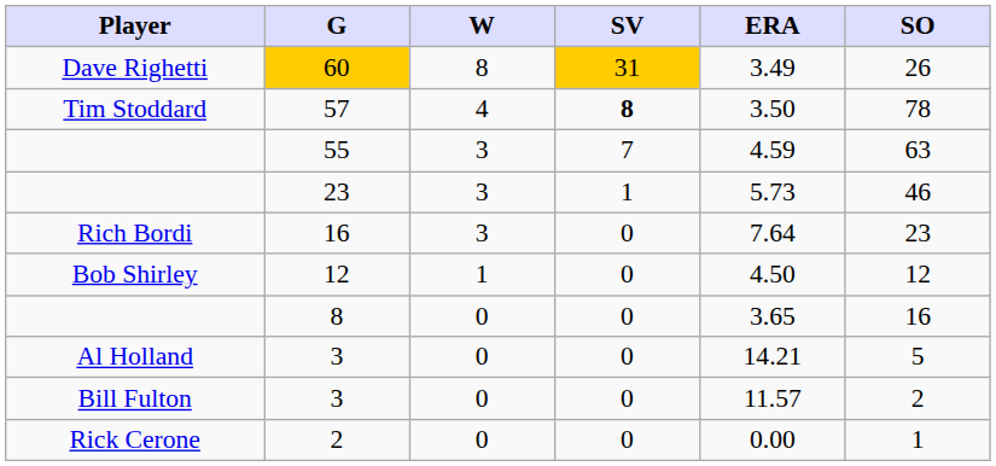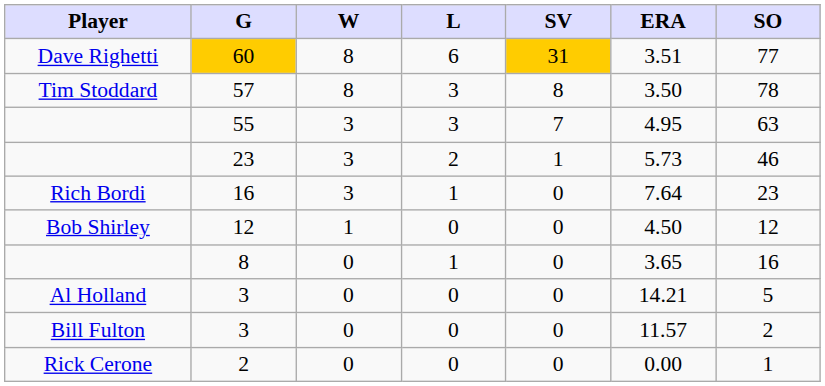 <table class="wikitable sortable">
 <tr>
 <th style="background:#ddf; width:16%;">Player</th>
 <th style="background:#ddf; width:9%;">G</th>
 <th style="background:#ddf; width:9%;">W</th>
+<th style="background:#ddf; width:9%;">L</th>
 <th style="background:#ddf; width:9%;">SV</th>
 <th style="background:#ddf; width:9%;">ERA</th>
 <th style="background:#ddf; width:9%;">SO</th>
 </tr>
 <tr style="text-align:center;">
 <td><a href='#'>Dave Righetti</a></td>
 <td style="background:#fc0;">60</td>
 <td>8</td>
+<td>6</td>
 <td style="background:#fc0;">31</td>
-<td>3.49</td>
-<td>26</td>
+<td>3.51</td>
+<td>77</td>
 </tr>
 <tr align="center">
 <td><a href='#'>Tim Stoddard</a></td>
 <td>57</td>
-<td>4</td>
-<td><strong>8</strong></td>
+<td>8</td>
+<td>3</td>
+<td>8</td>
 <td>3.50</td>
 <td>78</td>
 </tr>
 <tr align="center">
 <td></td>
 <td>55</td>
 <td>3</td>
+<td>3</td>
 <td>7</td>
-<td>4.59</td>
+<td>4.95</td>
 <td>63</td>
 </tr>
 <tr style="text-align:center;">
 <td></td>
 <td>23</td>
 <td>3</td>
+<td>2</td>
 <td>1</td>
 <td>5.73</td>
 <td>46</td>
 </tr>
 <tr style="text-align:center;">
 <td><a href='#'>Rich Bordi</a></td>
 <td>16</td>
 <td>3</td>
+<td>1</td>
 <td>0</td>
 <td>7.64</td>
 <td>23</td>
 </tr>
 <tr align="center">
 <td><a href='#'>Bob Shirley</a></td>
 <td>12</td>
 <td>1</td>
 <td>0</td>
+<td>0</td>
 <td>4.50</td>
 <td>12</td>
 </tr>
 <tr align="center">
 <td></td>
 <td>8</td>
 <td>0</td>
+<td>1</td>
 <td>0</td>
 <td>3.65</td>
 <td>16</td>
 </tr>
 <tr align="center">
 <td><a href='#'>Al Holland</a></td>
 <td>3</td>
+<td>0</td>
 <td>0</td>
 <td>0</td>
 <td>14.21</td>
 <td>5</td>
 </tr>
 <tr align="center">
 <td><a href='#'>Bill Fulton</a></td>
 <td>3</td>
 <td>0</td>
 <td>0</td>
+<td>0</td>
 <td>11.57</td>
 <td>2</td>
 </tr>
 <tr align="center">
 <td><a href='#'>Rick Cerone</a></td>
 <td>2</td>
 <td>0</td>
 <td>0</td>
+<td>0</td>
 <td>0.00</td>
 <td>1</td>
 </tr>
 </table>
